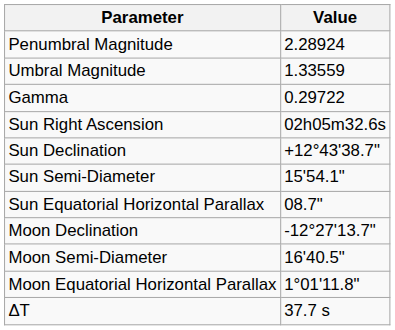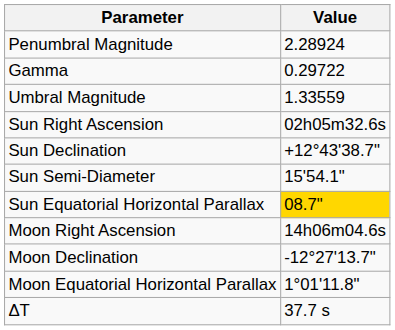 <table class="wikitable">
 <tr>
 <th>Parameter</th>
 <th>Value</th>
 </tr>
 <tr>
 <td>Penumbral Magnitude</td>
 <td>2.28924</td>
 </tr>
 <tr>
+<td>Gamma</td>
+<td>0.29722</td>
+</tr>
+<tr>
 <td>Umbral Magnitude</td>
 <td>1.33559</td>
-</tr>
-<tr>
-<td>Gamma</td>
-<td>0.29722</td>
 </tr>
 <tr>
 <td>Sun Right Ascension</td>
 <td>02h05m32.6s</td>
 </tr>
 <tr>
 <td>Sun Declination</td>
 <td>+12°43'38.7"</td>
 </tr>
 <tr>
 <td>Sun Semi-Diameter</td>
 <td>15'54.1"</td>
 </tr>
 <tr>
 <td>Sun Equatorial Horizontal Parallax</td>
-<td>08.7"</td>
+<td style="background: gold;">08.7"</td>
+</tr>
+<tr>
+<td>Moon Right Ascension</td>
+<td>14h06m04.6s</td>
 </tr>
 <tr>
 <td>Moon Declination</td>
 <td>-12°27'13.7"</td>
-</tr>
-<tr>
-<td>Moon Semi-Diameter</td>
-<td>16'40.5"</td>
 </tr>
 <tr>
 <td>Moon Equatorial Horizontal Parallax</td>
 <td>1°01'11.8"</td>
 </tr>
 <tr>
 <td>ΔT</td>
 <td>37.7 s</td>
 </tr>
 </table>
